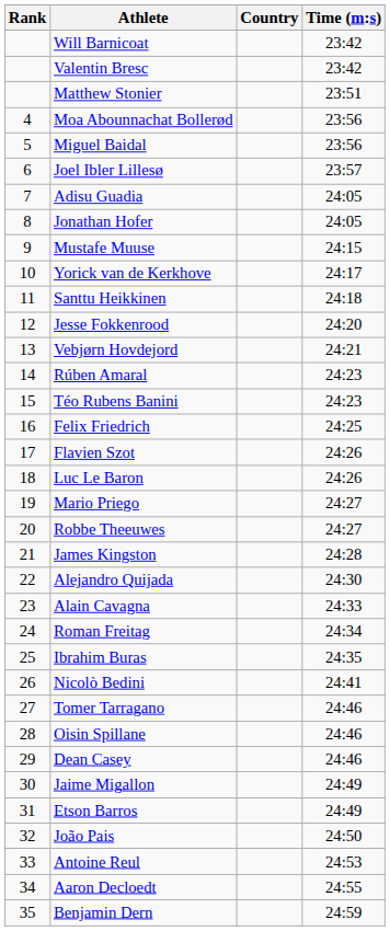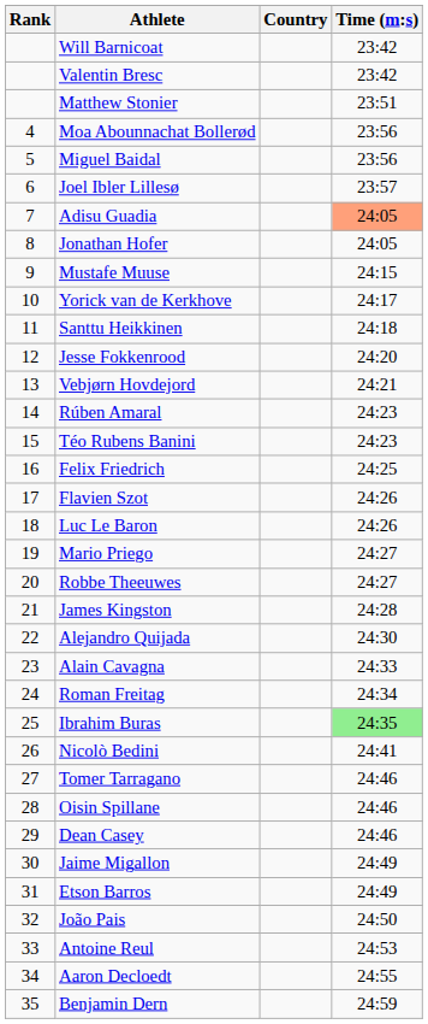 <table class="wikitable sortable" style="text-align:center;">
 <tr>
 </tr>
 <tr>
 <th>Rank</th>
 <th>Athlete</th>
 <th>Country</th>
 <th>Time (<a href='#'>m</a>:<a href='#'>s</a>)</th>
 </tr>
 <tr>
 <td></td>
 <td align=left><a href='#'>Will Barnicoat</a></td>
 <td align=left></td>
 <td>23:42</td>
 </tr>
 <tr>
 <td></td>
 <td align=left><a href='#'>Valentin Bresc</a></td>
 <td align=left></td>
 <td>23:42</td>
 </tr>
 <tr>
 <td></td>
 <td align=left><a href='#'>Matthew Stonier</a></td>
 <td align=left></td>
 <td>23:51</td>
 </tr>
 <tr>
 <td>4</td>
 <td align=left><a href='#'>Moa Abounnachat Bollerød</a></td>
 <td align=left></td>
 <td>23:56</td>
 </tr>
 <tr>
 <td>5</td>
 <td align=left><a href='#'>Miguel Baidal</a></td>
 <td align=left></td>
 <td>23:56</td>
 </tr>
 <tr>
 <td>6</td>
 <td align=left><a href='#'>Joel Ibler Lillesø</a></td>
 <td align=left></td>
 <td>23:57</td>
 </tr>
 <tr>
 <td>7</td>
 <td align=left><a href='#'>Adisu Guadia</a></td>
 <td align=left></td>
-<td>24:05</td>
+<td style="background: lightsalmon;">24:05</td>
 </tr>
 <tr>
 <td>8</td>
 <td align=left><a href='#'>Jonathan Hofer</a></td>
 <td align=left></td>
 <td>24:05</td>
 </tr>
 <tr>
 <td>9</td>
 <td align=left><a href='#'>Mustafe Muuse</a></td>
 <td align=left></td>
 <td>24:15</td>
 </tr>
 <tr>
 <td>10</td>
 <td align=left><a href='#'>Yorick van de Kerkhove</a></td>
 <td align=left></td>
 <td>24:17</td>
 </tr>
 <tr>
 <td>11</td>
 <td align=left><a href='#'>Santtu Heikkinen</a></td>
 <td align=left></td>
 <td>24:18</td>
 </tr>
 <tr>
 <td>12</td>
 <td align=left><a href='#'>Jesse Fokkenrood</a></td>
 <td align=left></td>
 <td>24:20</td>
 </tr>
 <tr>
 <td>13</td>
 <td align=left><a href='#'>Vebjørn Hovdejord</a></td>
 <td align=left></td>
 <td>24:21</td>
 </tr>
 <tr>
 <td>14</td>
 <td align=left><a href='#'>Rúben Amaral</a></td>
 <td align=left></td>
 <td>24:23</td>
 </tr>
 <tr>
 <td>15</td>
 <td align=left><a href='#'>Téo Rubens Banini</a></td>
 <td align=left></td>
 <td>24:23</td>
 </tr>
 <tr>
 <td>16</td>
 <td align=left><a href='#'>Felix Friedrich</a></td>
 <td align=left></td>
 <td>24:25</td>
 </tr>
 <tr>
 <td>17</td>
 <td align=left><a href='#'>Flavien Szot</a></td>
 <td align=left></td>
 <td>24:26</td>
 </tr>
 <tr>
 <td>18</td>
 <td align=left><a href='#'>Luc Le Baron</a></td>
 <td align=left></td>
 <td>24:26</td>
 </tr>
 <tr>
 <td>19</td>
 <td align=left><a href='#'>Mario Priego</a></td>
 <td align=left></td>
 <td>24:27</td>
 </tr>
 <tr>
 <td>20</td>
 <td align=left><a href='#'>Robbe Theeuwes</a></td>
 <td align=left></td>
 <td>24:27</td>
 </tr>
 <tr>
 <td>21</td>
 <td align=left><a href='#'>James Kingston</a></td>
 <td align=left></td>
 <td>24:28</td>
 </tr>
 <tr>
 <td>22</td>
 <td align=left><a href='#'>Alejandro Quijada</a></td>
 <td align=left></td>
 <td>24:30</td>
 </tr>
 <tr>
 <td>23</td>
 <td align=left><a href='#'>Alain Cavagna</a></td>
 <td align=left></td>
 <td>24:33</td>
 </tr>
 <tr>
 <td>24</td>
 <td align=left><a href='#'>Roman Freitag</a></td>
 <td align=left></td>
 <td>24:34</td>
 </tr>
 <tr>
 <td>25</td>
 <td align=left><a href='#'>Ibrahim Buras</a></td>
 <td align=left></td>
-<td>24:35</td>
+<td style="background: lightgreen;">24:35</td>
 </tr>
 <tr>
 <td>26</td>
 <td align=left><a href='#'>Nicolò Bedini</a></td>
 <td align=left></td>
 <td>24:41</td>
 </tr>
 <tr>
 <td>27</td>
 <td align=left><a href='#'>Tomer Tarragano</a></td>
 <td align=left></td>
 <td>24:46</td>
 </tr>
 <tr>
 <td>28</td>
 <td align=left><a href='#'>Oisin Spillane</a></td>
 <td align=left></td>
 <td>24:46</td>
 </tr>
 <tr>
 <td>29</td>
 <td align=left><a href='#'>Dean Casey</a></td>
 <td align=left></td>
 <td>24:46</td>
 </tr>
 <tr>
 <td>30</td>
 <td align=left><a href='#'>Jaime Migallon</a></td>
 <td align=left></td>
 <td>24:49</td>
 </tr>
 <tr>
 <td>31</td>
 <td align=left><a href='#'>Etson Barros</a></td>
 <td align=left></td>
 <td>24:49</td>
 </tr>
 <tr>
 <td>32</td>
 <td align=left><a href='#'>João Pais</a></td>
 <td align=left></td>
 <td>24:50</td>
 </tr>
 <tr>
 <td>33</td>
 <td align=left><a href='#'>Antoine Reul</a></td>
 <td align=left></td>
 <td>24:53</td>
 </tr>
 <tr>
 <td>34</td>
 <td align=left><a href='#'>Aaron Decloedt</a></td>
 <td align=left></td>
 <td>24:55</td>
 </tr>
 <tr>
 <td>35</td>
 <td align=left><a href='#'>Benjamin Dern</a></td>
 <td align=left></td>
 <td>24:59</td>
 </tr>
 </table>
